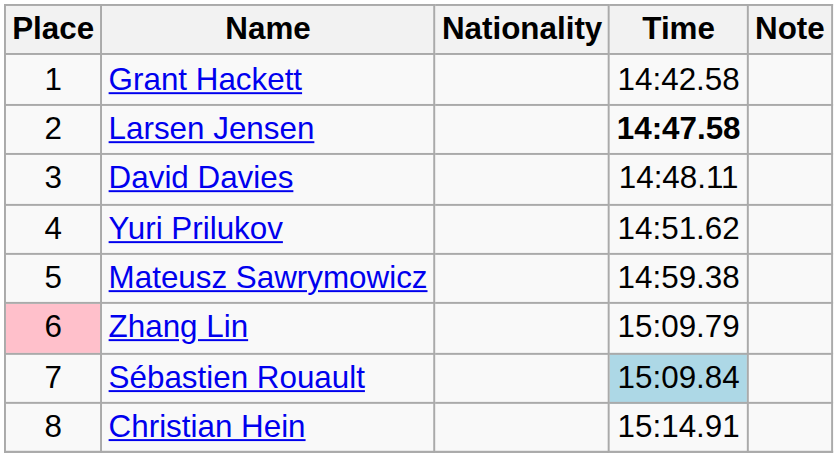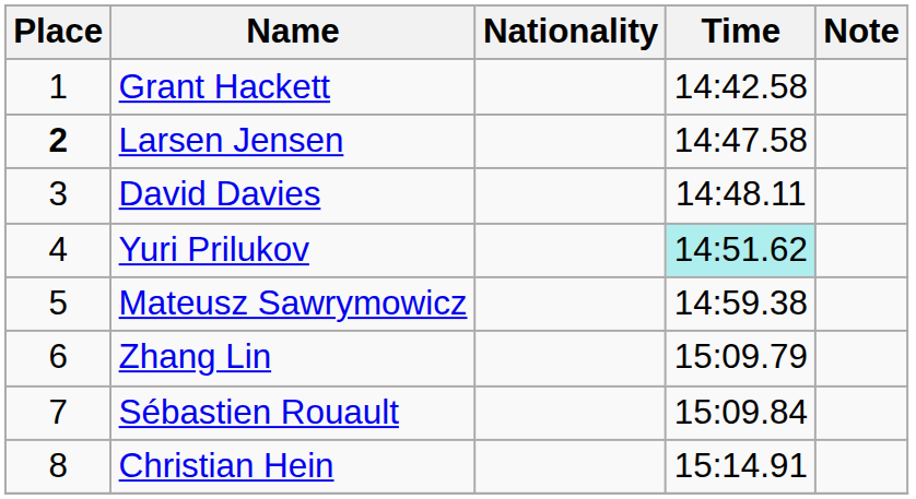 <table class="wikitable" style="text-align:center">
 <tr>
 <th>Place</th>
 <th>Name</th>
 <th>Nationality</th>
 <th>Time</th>
 <th>Note</th>
 </tr>
 <tr>
 <td>1</td>
 <td align=left><a href='#'>Grant Hackett</a></td>
 <td align=left></td>
 <td>14:42.58</td>
 <td></td>
 </tr>
 <tr>
-<td>2</td>
+<td><strong>2</strong></td>
 <td align=left><a href='#'>Larsen Jensen</a></td>
 <td align=left></td>
-<td><strong>14:47.58</strong></td>
+<td>14:47.58</td>
 <td></td>
 </tr>
 <tr>
 <td>3</td>
 <td align=left><a href='#'>David Davies</a></td>
 <td align=left></td>
 <td>14:48.11</td>
 <td></td>
 </tr>
 <tr>
 <td>4</td>
 <td align=left><a href='#'>Yuri Prilukov</a></td>
 <td align=left></td>
-<td>14:51.62</td>
+<td style="background: paleturquoise;">14:51.62</td>
 <td></td>
 </tr>
 <tr>
 <td>5</td>
 <td align=left><a href='#'>Mateusz Sawrymowicz</a></td>
 <td align=left></td>
 <td>14:59.38</td>
 <td></td>
 </tr>
 <tr>
-<td style="background: pink;">6</td>
+<td>6</td>
 <td align=left><a href='#'>Zhang Lin</a></td>
 <td align=left></td>
 <td>15:09.79</td>
 <td></td>
 </tr>
 <tr>
 <td>7</td>
 <td align=left><a href='#'>Sébastien Rouault</a></td>
 <td align=left></td>
-<td style="background: lightblue;">15:09.84</td>
+<td>15:09.84</td>
 <td></td>
 </tr>
 <tr>
 <td>8</td>
 <td align=left><a href='#'>Christian Hein</a></td>
 <td align=left></td>
 <td>15:14.91</td>
 <td></td>
 </tr>
 <tr>
 </tr>
 </table>
